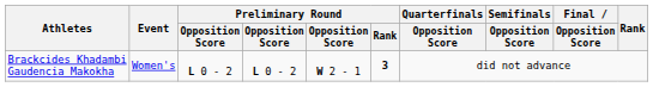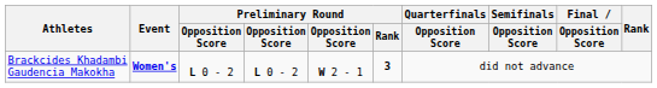 <table class=wikitable style=font-size:89%;text-align:center>
 <tr>
 <th rowspan=2>Athletes</th>
 <th rowspan=2>Event</th>
 <th colspan=4>Preliminary Round</th>
 <th>Quarterfinals</th>
 <th>Semifinals</th>
 <th>Final / </th>
 <th rowspan=2>Rank</th>
 </tr>
 <tr style=font-size:95%>
 <th>Opposition<br>Score</th>
 <th>Opposition<br>Score</th>
 <th>Opposition<br>Score</th>
 <th>Rank</th>
 <th>Opposition<br>Score</th>
 <th>Opposition<br>Score</th>
 <th>Opposition<br>Score</th>
 </tr>
 <tr align=center>
 <td align=left><a href='#'>Brackcides Khadambi</a><br><a href='#'>Gaudencia Makokha</a></td>
-<td align=left><a href='#'>Women's</a></td>
+<td align=left><strong><a href='#'>Women's</a></strong></td>
 <td><br><strong>L</strong> 0 - 2</td>
 <td><br><strong>L</strong> 0 - 2</td>
 <td><br><strong>W</strong> 2 - 1</td>
 <td><strong>3</strong></td>
 <td colspan=4>did not advance</td>
 </tr>
 </table>
